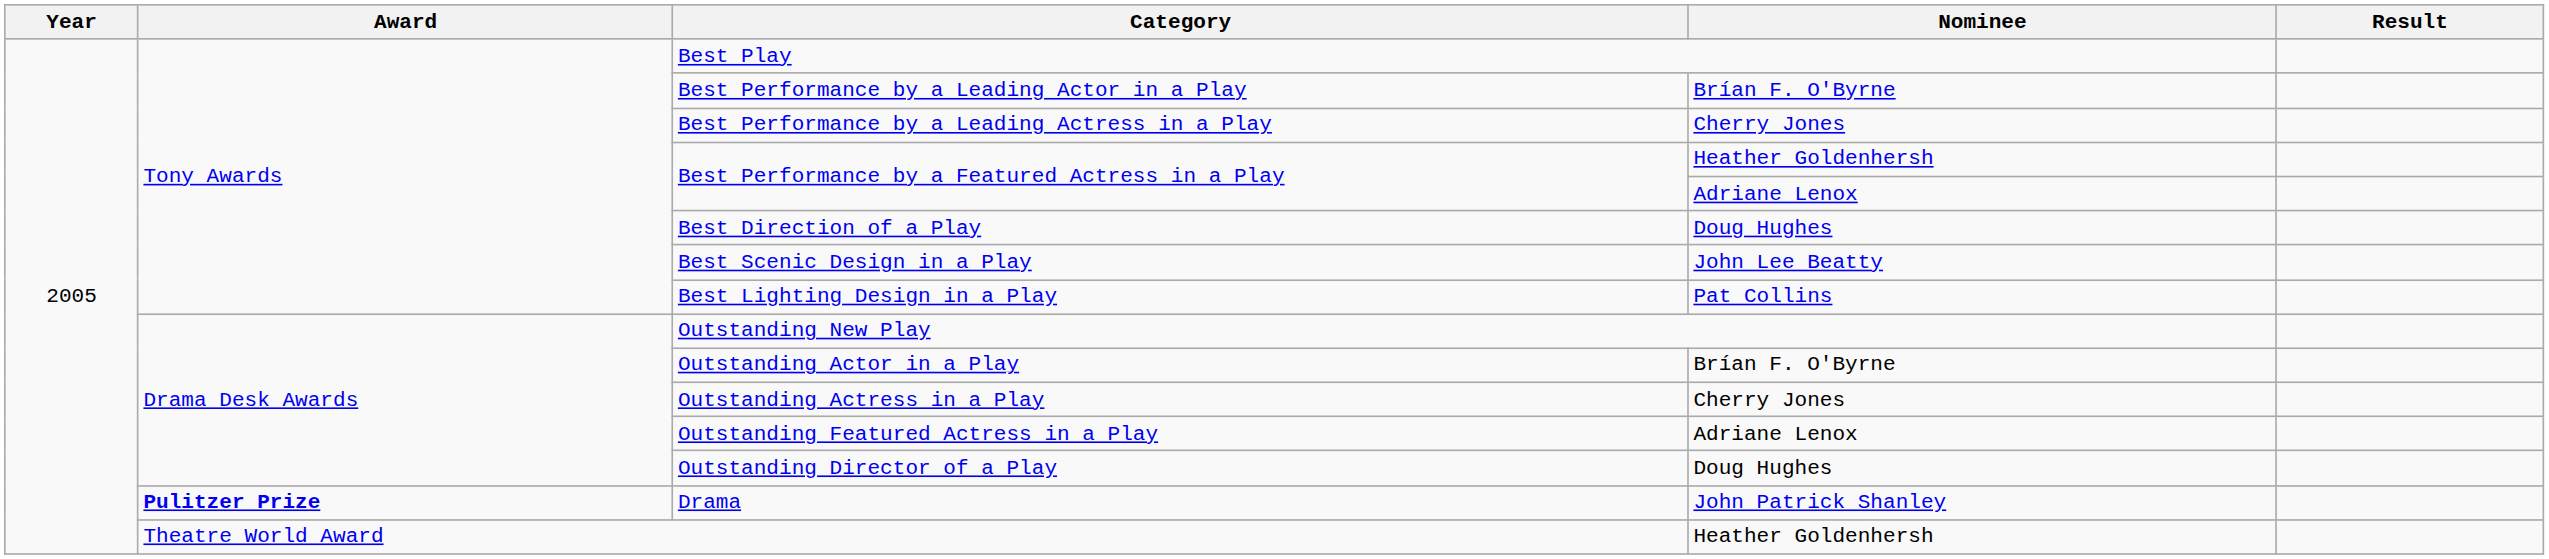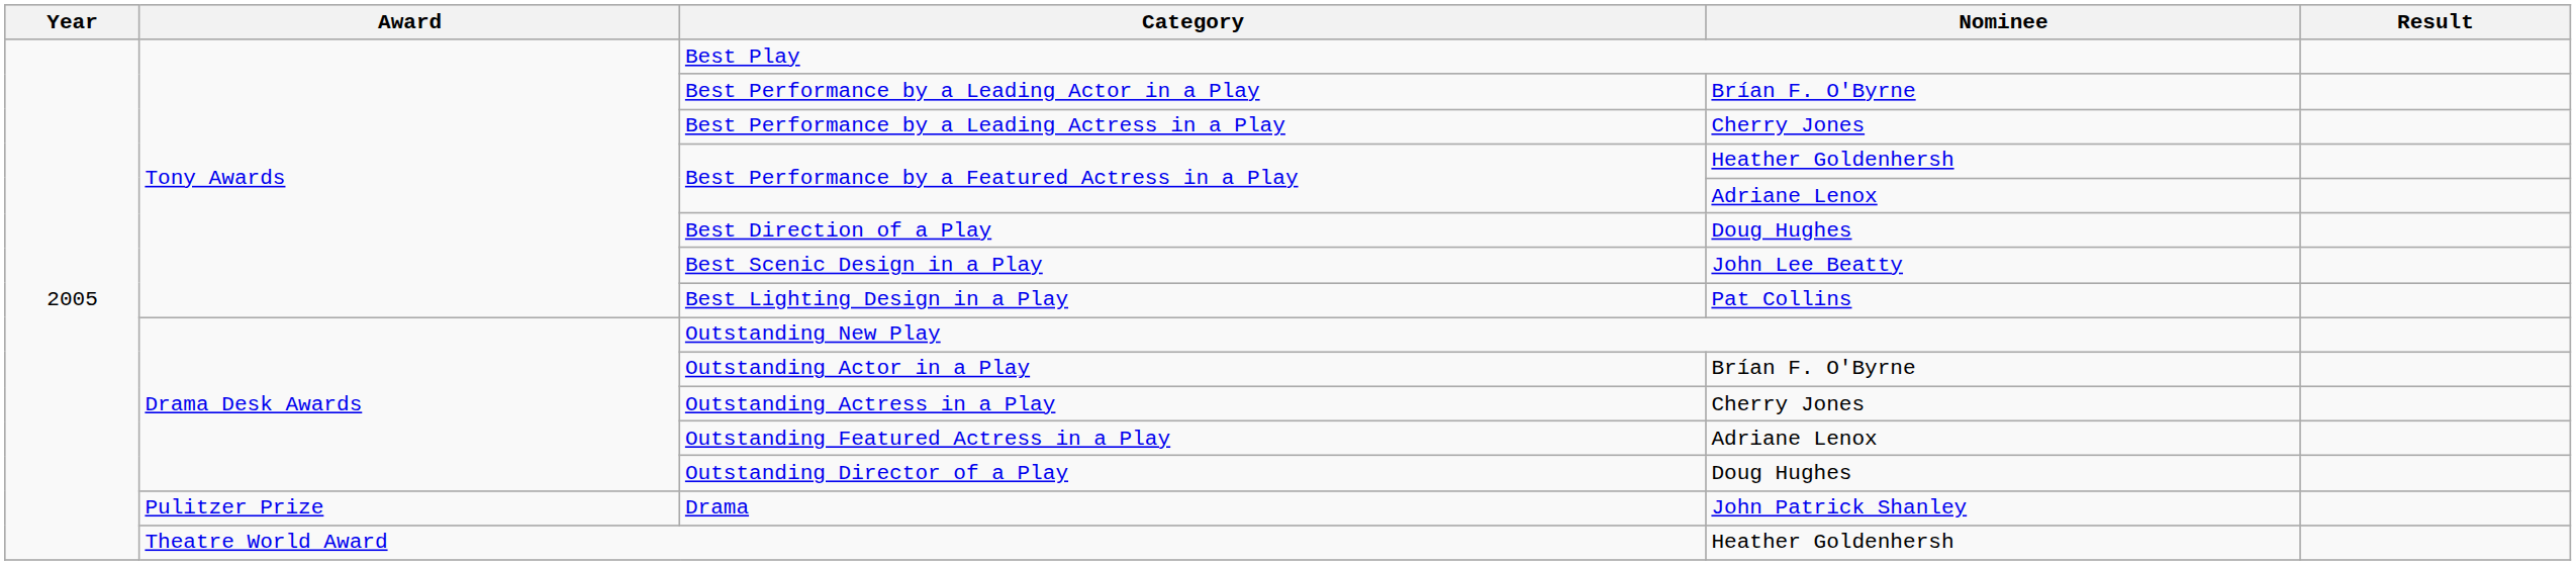 <table class="wikitable sortable" style="width: 99%;">
 <tr>
 <th scope="col" style="width:5%;">Year</th>
 <th scope="col" style="width:20%;">Award</th>
 <th scope="col" style="width:38%;">Category</th>
 <th scope="col" style="width:22%;">Nominee</th>
 <th scope="col" style="width:10%;">Result</th>
 </tr>
 <tr>
 <td rowspan="15" align="center">2005</td>
 <td rowspan="8"><a href='#'>Tony Awards</a></td>
 <td colspan="2"><a href='#'>Best Play</a></td>
 <td></td>
 </tr>
 <tr>
 <td><a href='#'>Best Performance by a Leading Actor in a Play</a></td>
 <td><a href='#'>Brían F. O'Byrne</a></td>
 <td></td>
 </tr>
 <tr>
 <td><a href='#'>Best Performance by a Leading Actress in a Play</a></td>
 <td><a href='#'>Cherry Jones</a></td>
 <td></td>
 </tr>
 <tr>
 <td rowspan="2"><a href='#'>Best Performance by a Featured Actress in a Play</a></td>
 <td><a href='#'>Heather Goldenhersh</a></td>
 <td></td>
 </tr>
 <tr>
 <td><a href='#'>Adriane Lenox</a></td>
 <td></td>
 </tr>
 <tr>
 <td><a href='#'>Best Direction of a Play</a></td>
 <td><a href='#'>Doug Hughes</a></td>
 <td></td>
 </tr>
 <tr>
 <td><a href='#'>Best Scenic Design in a Play</a></td>
 <td><a href='#'>John Lee Beatty</a></td>
 <td></td>
 </tr>
 <tr>
 <td><a href='#'>Best Lighting Design in a Play</a></td>
 <td><a href='#'>Pat Collins</a></td>
 <td></td>
 </tr>
 <tr>
 <td rowspan="5"><a href='#'>Drama Desk Awards</a></td>
 <td colspan="2"><a href='#'>Outstanding New Play</a></td>
 <td></td>
 </tr>
 <tr>
 <td><a href='#'>Outstanding Actor in a Play</a></td>
 <td>Brían F. O'Byrne</td>
 <td></td>
 </tr>
 <tr>
 <td><a href='#'>Outstanding Actress in a Play</a></td>
 <td>Cherry Jones</td>
 <td></td>
 </tr>
 <tr>
 <td><a href='#'>Outstanding Featured Actress in a Play</a></td>
 <td>Adriane Lenox</td>
 <td></td>
 </tr>
 <tr>
 <td><a href='#'>Outstanding Director of a Play</a></td>
 <td>Doug Hughes</td>
 <td></td>
 </tr>
 <tr>
-<td><strong><a href='#'>Pulitzer Prize</a></strong></td>
+<td><a href='#'>Pulitzer Prize</a></td>
 <td><a href='#'>Drama</a></td>
 <td><a href='#'>John Patrick Shanley</a></td>
 <td></td>
 </tr>
 <tr>
 <td colspan="2"><a href='#'>Theatre World Award</a></td>
 <td>Heather Goldenhersh</td>
 <td></td>
 </tr>
 </table>
